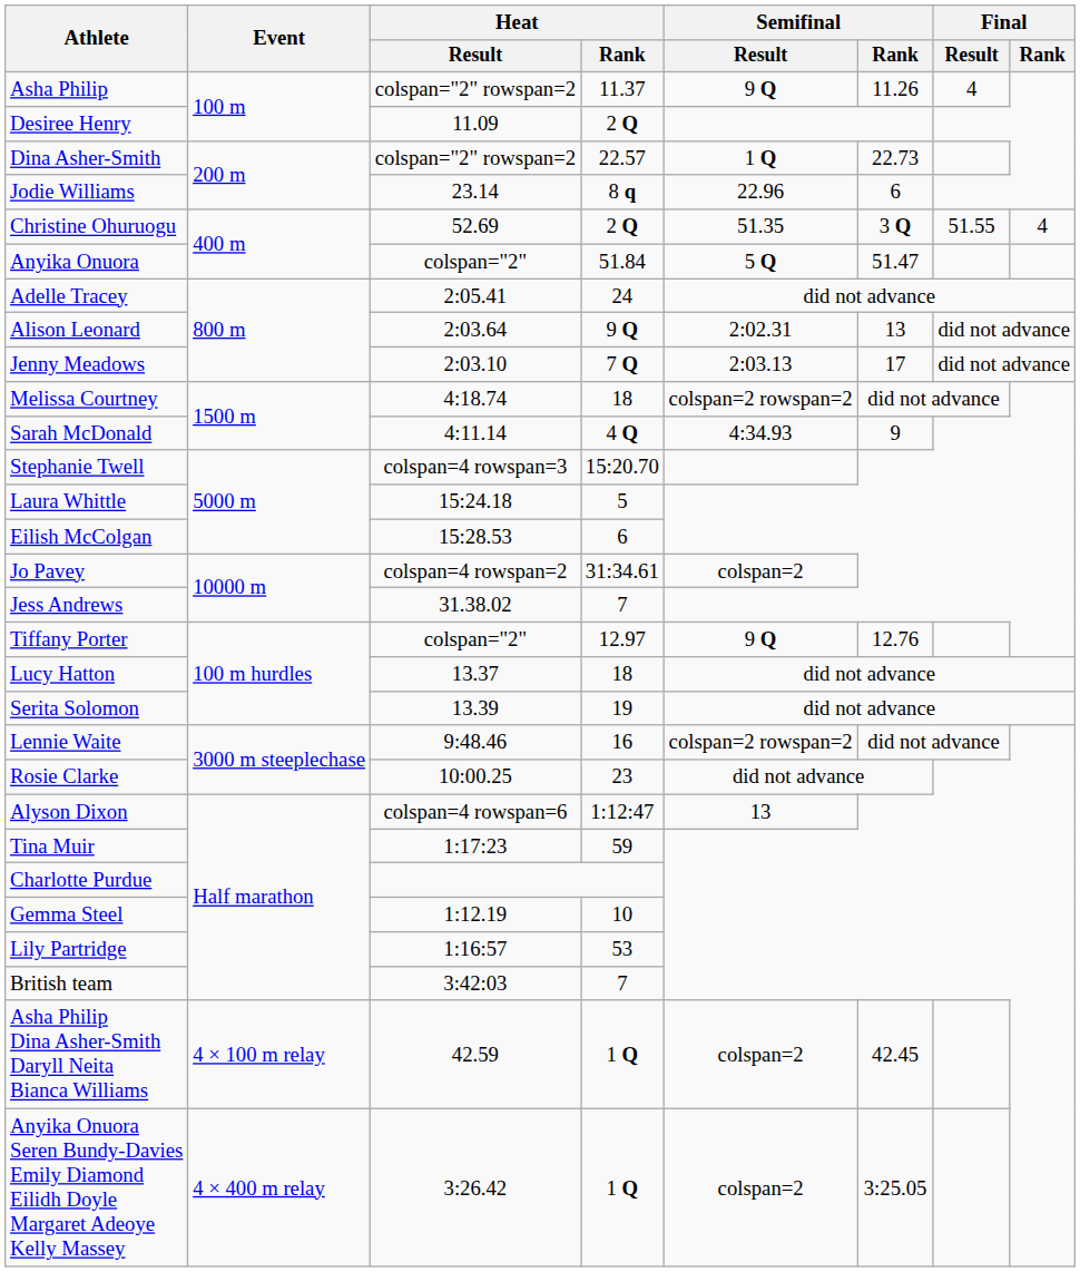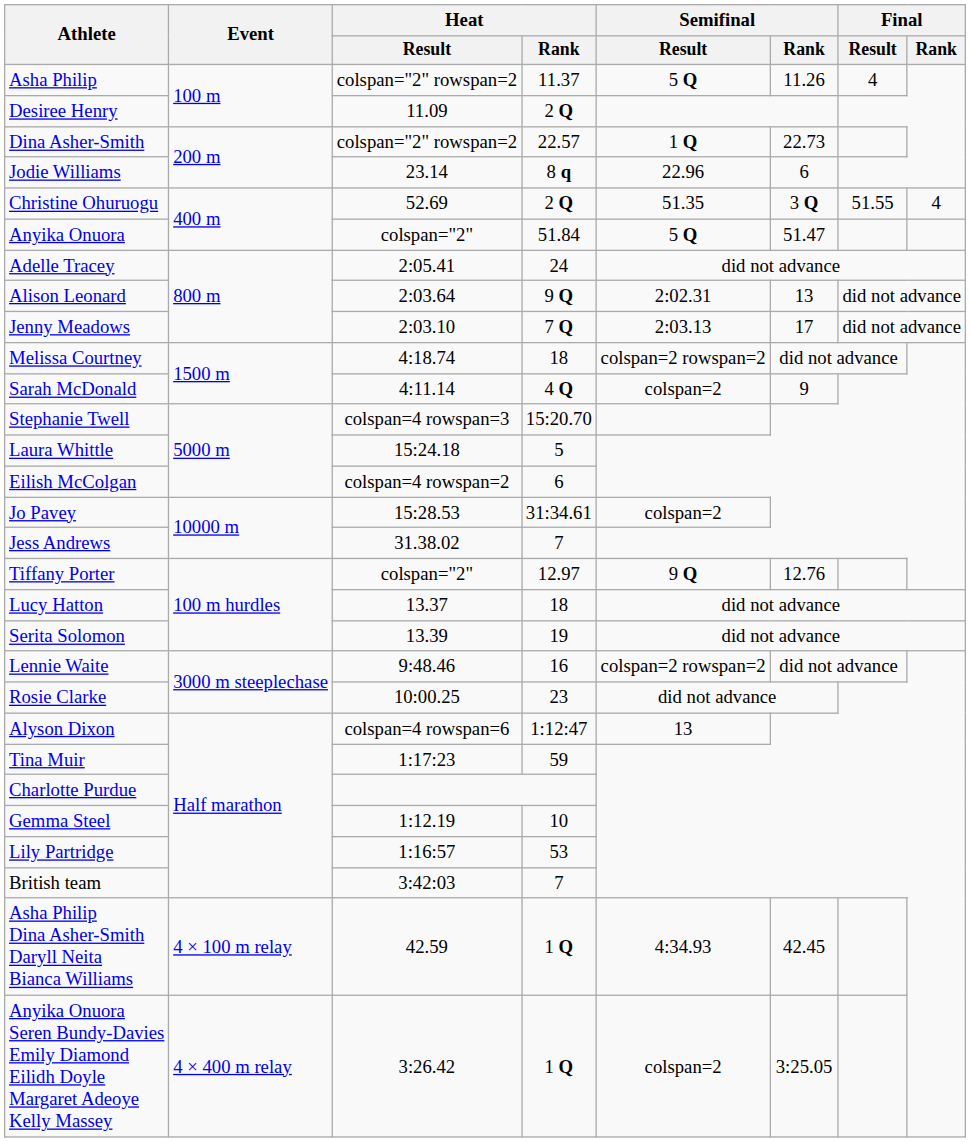 <table class="wikitable" style="font-size:90%">
 <tr>
 <th rowspan=2>Athlete</th>
 <th rowspan=2>Event</th>
 <th colspan=2>Heat</th>
 <th colspan=2>Semifinal</th>
 <th colspan=2>Final</th>
 </tr>
 <tr style="font-size:95%">
 <th>Result</th>
 <th>Rank</th>
 <th>Result</th>
 <th>Rank</th>
 <th>Result</th>
 <th>Rank</th>
 </tr>
 <tr align=center>
 <td align=left><a href='#'>Asha Philip</a></td>
 <td style="text-align:left;" rowspan="2"><a href='#'>100 m</a></td>
 <td>colspan="2" rowspan=2 </td>
 <td>11.37</td>
-<td>9 <strong>Q</strong></td>
+<td>5 <strong>Q</strong></td>
 <td>11.26</td>
 <td>4</td>
 </tr>
 <tr align=center>
 <td align=left><a href='#'>Desiree Henry</a></td>
 <td>11.09</td>
 <td>2 <strong>Q</strong></td>
 <td colspan=2></td>
 </tr>
 <tr align=center>
 <td align=left><a href='#'>Dina Asher-Smith</a></td>
 <td style="text-align:left;" rowspan="2"><a href='#'>200 m</a></td>
 <td>colspan="2" rowspan=2 </td>
 <td>22.57 <strong></strong></td>
 <td>1 <strong>Q</strong></td>
 <td>22.73 <strong></strong></td>
 <td></td>
 </tr>
 <tr align=center>
 <td align=left><a href='#'>Jodie Williams</a></td>
 <td>23.14</td>
 <td>8 <strong>q</strong></td>
 <td>22.96</td>
 <td>6</td>
 </tr>
 <tr align=center>
 <td align=left><a href='#'>Christine Ohuruogu</a></td>
 <td style="text-align:left;" rowspan="2"><a href='#'>400 m</a></td>
 <td>52.69</td>
 <td>2 <strong>Q</strong></td>
 <td>51.35 <strong></strong></td>
 <td>3 <strong>Q</strong></td>
 <td>51.55</td>
 <td>4</td>
 </tr>
 <tr align=center>
 <td align=left><a href='#'>Anyika Onuora</a></td>
 <td>colspan="2" </td>
 <td>51.84</td>
 <td>5 <strong>Q</strong></td>
 <td>51.47 <strong></strong></td>
 <td></td>
 </tr>
 <tr align=center>
 <td align=left><a href='#'>Adelle Tracey</a></td>
 <td style="text-align:left;" rowspan="3"><a href='#'>800 m</a></td>
 <td>2:05.41</td>
 <td>24</td>
 <td colspan=4>did not advance</td>
 </tr>
 <tr align=center>
 <td align=left><a href='#'>Alison Leonard</a></td>
 <td>2:03.64</td>
 <td>9 <strong>Q</strong></td>
 <td>2:02.31</td>
 <td>13</td>
 <td colspan=2>did not advance</td>
 </tr>
 <tr align=center>
 <td align=left><a href='#'>Jenny Meadows</a></td>
 <td>2:03.10</td>
 <td>7 <strong>Q</strong></td>
 <td>2:03.13</td>
 <td>17</td>
 <td colspan=2>did not advance</td>
 </tr>
 <tr align=center>
 <td align=left><a href='#'>Melissa Courtney</a></td>
 <td style="text-align:left;" rowspan="2"><a href='#'>1500 m</a></td>
 <td>4:18.74</td>
 <td>18</td>
 <td>colspan=2 rowspan=2 </td>
 <td colspan=2>did not advance</td>
 </tr>
 <tr align=center>
 <td align=left><a href='#'>Sarah McDonald</a></td>
 <td>4:11.14</td>
 <td>4 <strong>Q</strong></td>
-<td>4:34.93</td>
+<td>colspan=2 </td>
 <td>9</td>
 </tr>
 <tr align=center>
 <td align=left><a href='#'>Stephanie Twell</a></td>
 <td style="text-align:left;" rowspan="3"><a href='#'>5000 m</a></td>
 <td>colspan=4 rowspan=3 </td>
 <td>15:20.70</td>
 <td></td>
 </tr>
 <tr align=center>
 <td align=left><a href='#'>Laura Whittle</a></td>
 <td>15:24.18</td>
 <td>5</td>
 </tr>
 <tr align=center>
 <td align=left><a href='#'>Eilish McColgan</a></td>
-<td>15:28.53</td>
+<td>colspan=4 rowspan=2 </td>
 <td>6</td>
 </tr>
 <tr align=center>
 <td align=left><a href='#'>Jo Pavey</a></td>
 <td align=left rowspan=2><a href='#'>10000 m</a></td>
-<td>colspan=4 rowspan=2 </td>
+<td>15:28.53</td>
 <td>31:34.61 <strong></strong></td>
 <td>colspan=2 </td>
 </tr>
 <tr align=center>
 <td align=left><a href='#'>Jess Andrews</a></td>
 <td>31.38.02 <strong></strong></td>
 <td>7</td>
 </tr>
 <tr align=center>
 <td align=left><a href='#'>Tiffany Porter</a></td>
 <td style="text-align:left;" rowspan="3"><a href='#'>100 m hurdles</a></td>
 <td>colspan="2" </td>
 <td>12.97</td>
 <td>9 <strong>Q</strong></td>
 <td>12.76</td>
 <td></td>
 </tr>
 <tr align=center>
 <td align=left><a href='#'>Lucy Hatton</a></td>
 <td>13.37</td>
 <td>18</td>
 <td colspan=4>did not advance</td>
 </tr>
 <tr align=center>
 <td align=left><a href='#'>Serita Solomon</a></td>
 <td>13.39</td>
 <td>19</td>
 <td colspan=4>did not advance</td>
 </tr>
 <tr align=center>
 <td align=left><a href='#'>Lennie Waite</a></td>
 <td style="text-align:left;" rowspan="2"><a href='#'>3000 m steeplechase</a></td>
 <td>9:48.46</td>
 <td>16</td>
 <td>colspan=2 rowspan=2 </td>
 <td colspan=2>did not advance</td>
 </tr>
 <tr align=center>
 <td align=left><a href='#'>Rosie Clarke</a></td>
 <td>10:00.25</td>
 <td>23</td>
 <td colspan=2>did not advance</td>
 </tr>
 <tr align=center>
 <td align=left><a href='#'>Alyson Dixon</a></td>
 <td style="text-align:left;" rowspan="6"><a href='#'>Half marathon</a></td>
 <td>colspan=4 rowspan=6 </td>
 <td>1:12:47 <strong></strong></td>
 <td>13</td>
 </tr>
 <tr align=center>
 <td align=left><a href='#'>Tina Muir</a></td>
 <td>1:17:23</td>
 <td>59</td>
 </tr>
 <tr align=center>
 <td align=left><a href='#'>Charlotte Purdue</a></td>
 <td colspan=2></td>
 </tr>
 <tr align=center>
 <td align=left><a href='#'>Gemma Steel</a></td>
 <td>1:12.19</td>
 <td>10</td>
 </tr>
 <tr align=center>
 <td align=left><a href='#'>Lily Partridge</a></td>
 <td>1:16:57</td>
 <td>53</td>
 </tr>
 <tr align=center>
 <td align=left>British team</td>
 <td>3:42:03</td>
 <td>7</td>
 </tr>
 <tr align="center">
 <td align=left><a href='#'>Asha Philip</a><br><a href='#'>Dina Asher-Smith</a><br><a href='#'>Daryll Neita</a><br><a href='#'>Bianca Williams</a></td>
 <td align=left><a href='#'>4 × 100 m relay</a></td>
 <td>42.59 <strong></strong></td>
 <td>1 <strong>Q</strong></td>
-<td>colspan=2 </td>
+<td>4:34.93</td>
 <td>42.45 <strong></strong></td>
 <td></td>
 </tr>
 <tr align=center>
 <td align=left><a href='#'>Anyika Onuora</a> <br><a href='#'>Seren Bundy-Davies</a><br><a href='#'>Emily Diamond</a> <br><a href='#'>Eilidh Doyle</a><br><a href='#'>Margaret Adeoye</a> <br><a href='#'>Kelly Massey</a> </td>
 <td align=left><a href='#'>4 × 400 m relay</a></td>
 <td>3:26.42 <strong></strong></td>
 <td>1 <strong>Q</strong></td>
 <td>colspan=2 </td>
 <td>3:25.05 <strong></strong></td>
 <td></td>
 </tr>
 </table>
